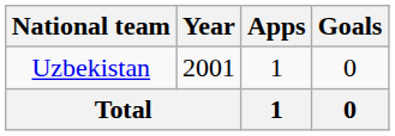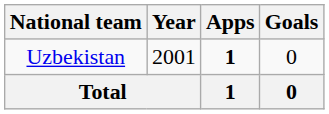 <table class="wikitable" style="text-align:center">
 <tr>
 <th>National team</th>
 <th>Year</th>
 <th>Apps</th>
 <th>Goals</th>
 </tr>
 <tr>
 <td><a href='#'>Uzbekistan</a></td>
 <td>2001</td>
-<td>1</td>
+<td><strong>1</strong></td>
 <td>0</td>
 </tr>
 <tr>
 <th colspan="2">Total</th>
 <th>1</th>
 <th>0</th>
 </tr>
 </table>
